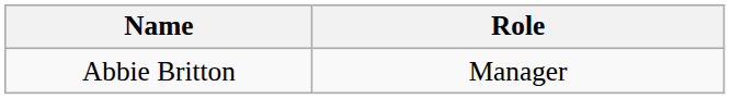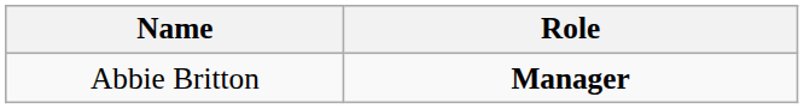 <table class="wikitable" border="1">
 <tr>
 <th width="170">Name</th>
 <th width="230">Role</th>
 </tr>
 <tr>
 <td align="center">Abbie Britton</td>
-<td align="center">Manager</td>
+<td align="center"><strong>Manager</strong></td>
 </tr>
 </table>
